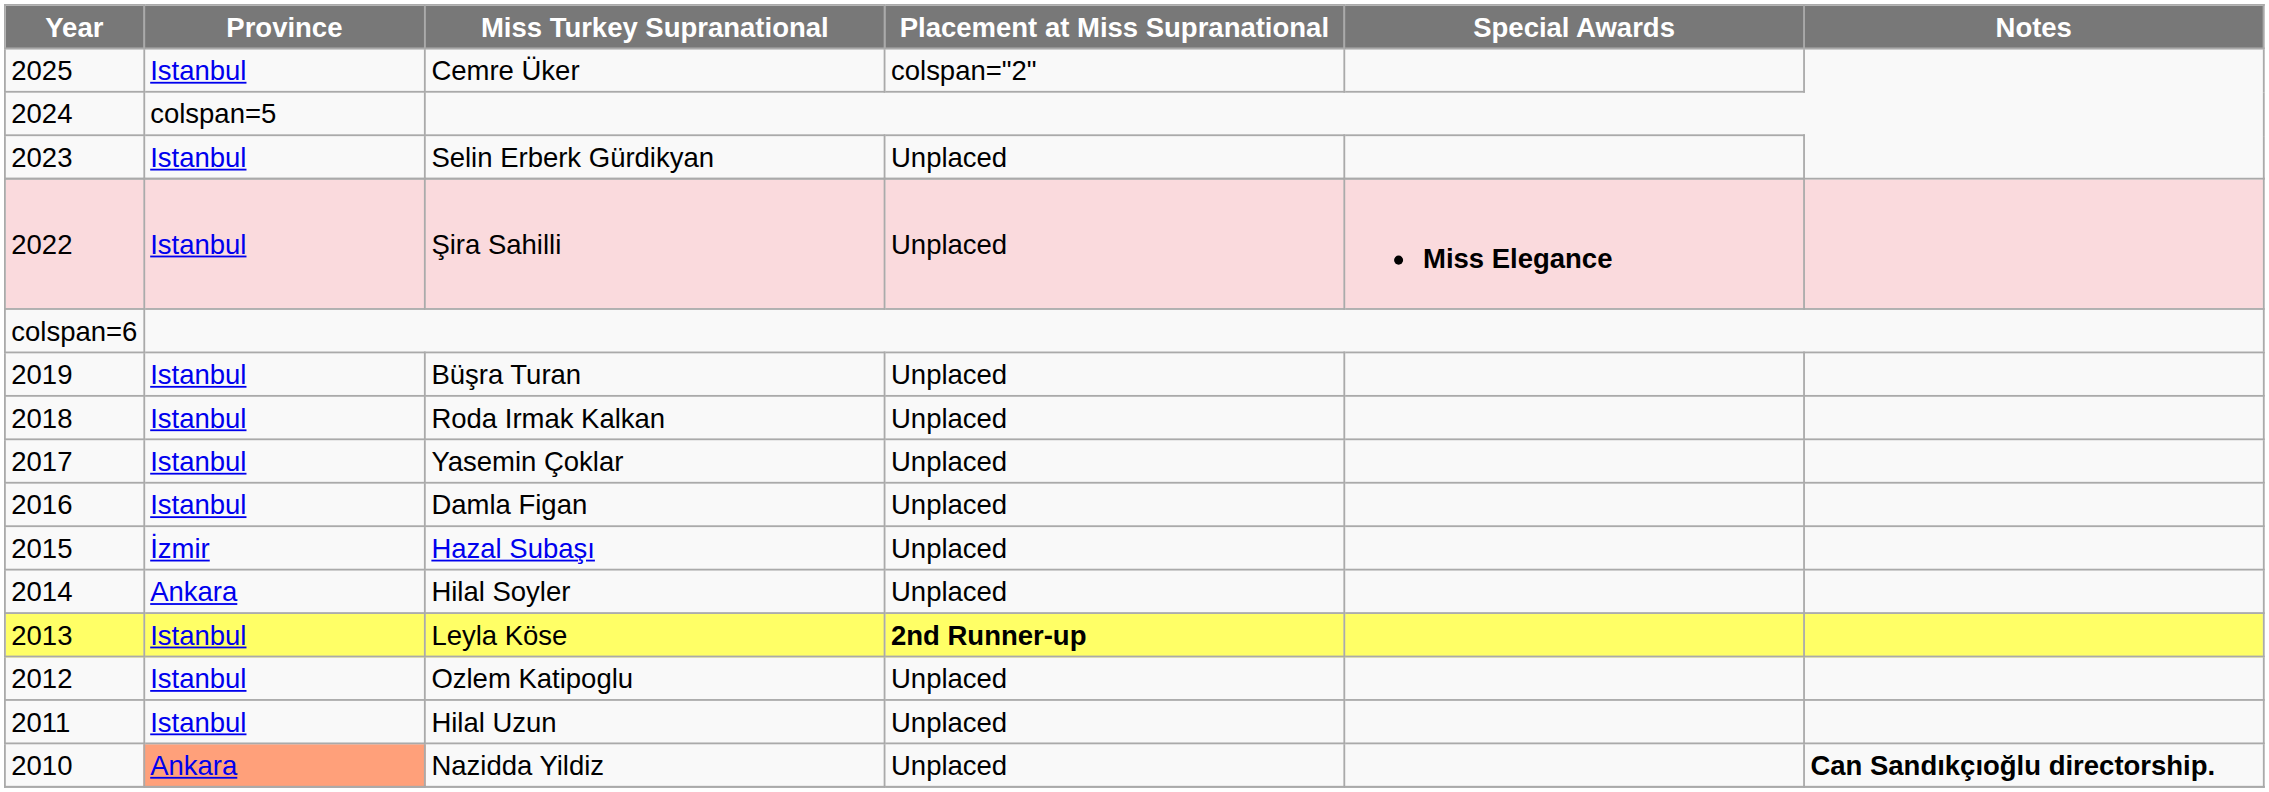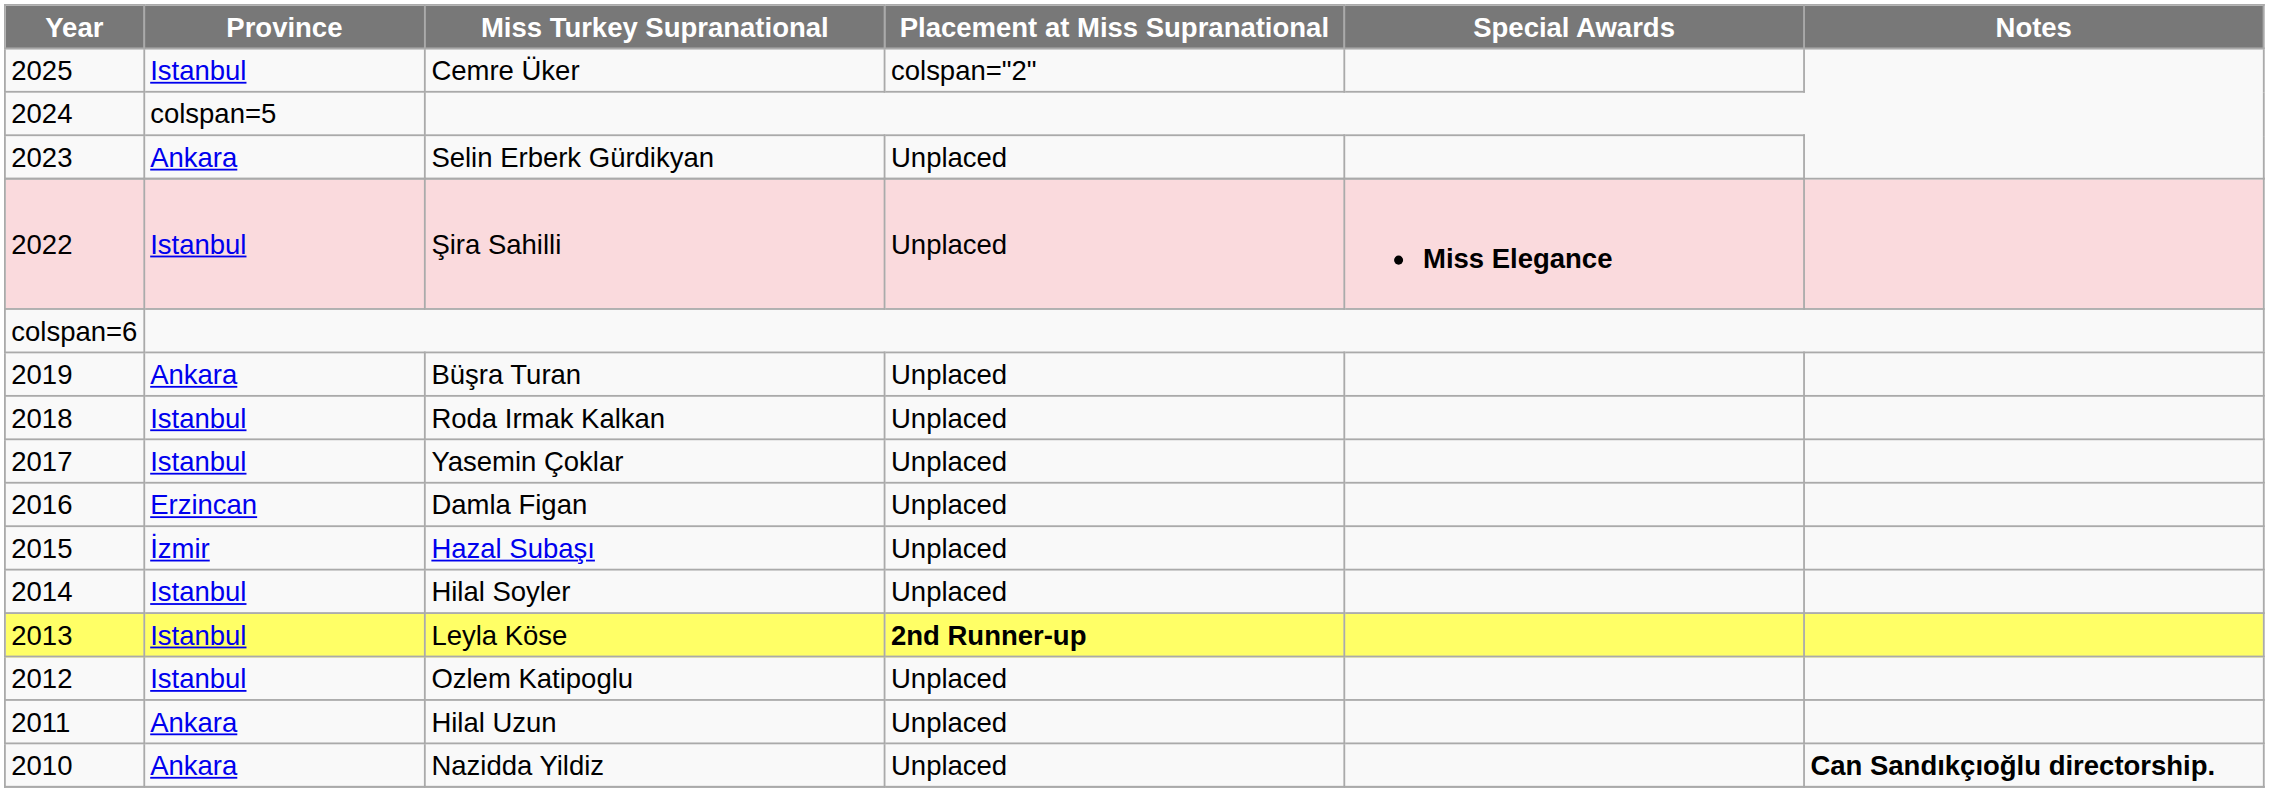 <table class="wikitable " style="font-size: 95%;">
 <tr>
 <th width="60" style="background-color:#787878;color:#FFFFFF;">Year</th>
 <th width="150" style="background-color:#787878;color:#FFFFFF;">Province</th>
 <th width="250" style="background-color:#787878;color:#FFFFFF;">Miss Turkey Supranational</th>
 <th width="250" style="background-color:#787878;color:#FFFFFF;">Placement at Miss Supranational</th>
 <th width="250" style="background-color:#787878;color:#FFFFFF;">Special Awards</th>
 <th width="250" style="background-color:#787878;color:#FFFFFF;">Notes</th>
 </tr>
 <tr>
 <td>2025</td>
 <td><a href='#'>Istanbul</a></td>
 <td>Cemre Üker</td>
 <td>colspan="2"</td>
 <td></td>
 </tr>
 <tr>
 <td>2024</td>
 <td>colspan=5 </td>
 </tr>
 <tr>
 <td>2023</td>
-<td><a href='#'>Istanbul</a></td>
+<td><a href='#'>Ankara</a></td>
 <td>Selin Erberk Gürdikyan</td>
 <td>Unplaced</td>
 <td></td>
 </tr>
 <tr>
 </tr>
 <tr style="background-color:#FADADD;">
 <td>2022</td>
 <td><a href='#'>Istanbul</a></td>
 <td>Şira Sahilli</td>
 <td>Unplaced</td>
 <td align="left"><br><ul><li><strong>Miss Elegance</strong></li></ul></td>
 <td></td>
 </tr>
 <tr>
 <td>colspan=6 </td>
 </tr>
 <tr>
 <td>2019</td>
-<td><a href='#'>Istanbul</a></td>
+<td><a href='#'>Ankara</a></td>
 <td>Büşra Turan</td>
 <td>Unplaced</td>
 <td></td>
 <td></td>
 </tr>
 <tr>
 <td>2018</td>
 <td><a href='#'>Istanbul</a></td>
 <td>Roda Irmak Kalkan</td>
 <td>Unplaced</td>
 <td></td>
 <td></td>
 </tr>
 <tr>
 <td>2017</td>
 <td><a href='#'>Istanbul</a></td>
 <td>Yasemin Çoklar</td>
 <td>Unplaced</td>
 <td></td>
 <td></td>
 </tr>
 <tr>
 <td>2016</td>
-<td><a href='#'>Istanbul</a></td>
+<td><a href='#'>Erzincan</a></td>
 <td>Damla Figan</td>
 <td>Unplaced</td>
 <td></td>
 <td></td>
 </tr>
 <tr>
 <td>2015</td>
 <td><a href='#'>İzmir</a></td>
 <td><a href='#'>Hazal Subaşı</a></td>
 <td>Unplaced</td>
 <td></td>
 <td></td>
 </tr>
 <tr>
 <td>2014</td>
-<td><a href='#'>Ankara</a></td>
+<td><a href='#'>Istanbul</a></td>
 <td>Hilal Soyler</td>
 <td>Unplaced</td>
 <td></td>
 <td></td>
 </tr>
 <tr style="background-color:#FFFF66;">
 <td>2013</td>
 <td><a href='#'>Istanbul</a></td>
 <td>Leyla Köse</td>
 <td><strong>2nd Runner-up</strong></td>
 <td></td>
 <td></td>
 </tr>
 <tr>
 <td>2012</td>
 <td><a href='#'>Istanbul</a></td>
 <td>Ozlem Katipoglu</td>
 <td>Unplaced</td>
 <td></td>
 <td></td>
 </tr>
 <tr>
 <td>2011</td>
-<td><a href='#'>Istanbul</a></td>
+<td><a href='#'>Ankara</a></td>
 <td>Hilal Uzun</td>
 <td>Unplaced</td>
 <td></td>
 <td></td>
 </tr>
 <tr>
 <td>2010</td>
-<td style="background: lightsalmon;"><a href='#'>Ankara</a></td>
+<td><a href='#'>Ankara</a></td>
 <td>Nazidda Yildiz</td>
 <td>Unplaced</td>
 <td></td>
 <td><strong>Can Sandıkçıoğlu directorship.</strong></td>
 </tr>
 <tr>
 </tr>
 </table>
